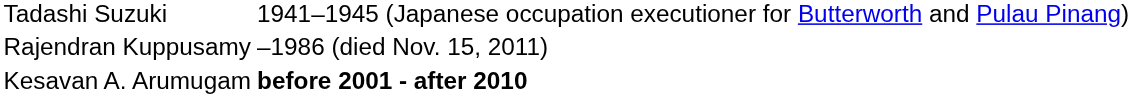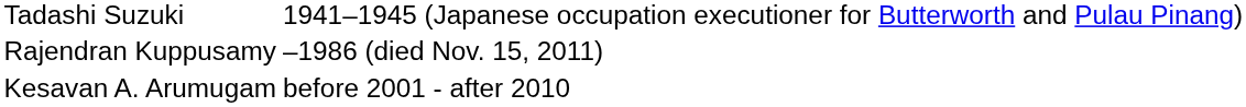 <table>
 <tr>
 <td>Tadashi Suzuki</td>
 <td>1941–1945 (Japanese occupation executioner for <a href='#'>Butterworth</a> and <a href='#'>Pulau Pinang</a>)</td>
 </tr>
 <tr>
 <td>Rajendran Kuppusamy</td>
 <td>–1986 (died Nov. 15, 2011)</td>
 </tr>
 <tr>
 <td>Kesavan A. Arumugam</td>
-<td><strong>before 2001 - after 2010</strong></td>
+<td>before 2001 - after 2010</td>
 <td></td>
 </tr>
 </table>
